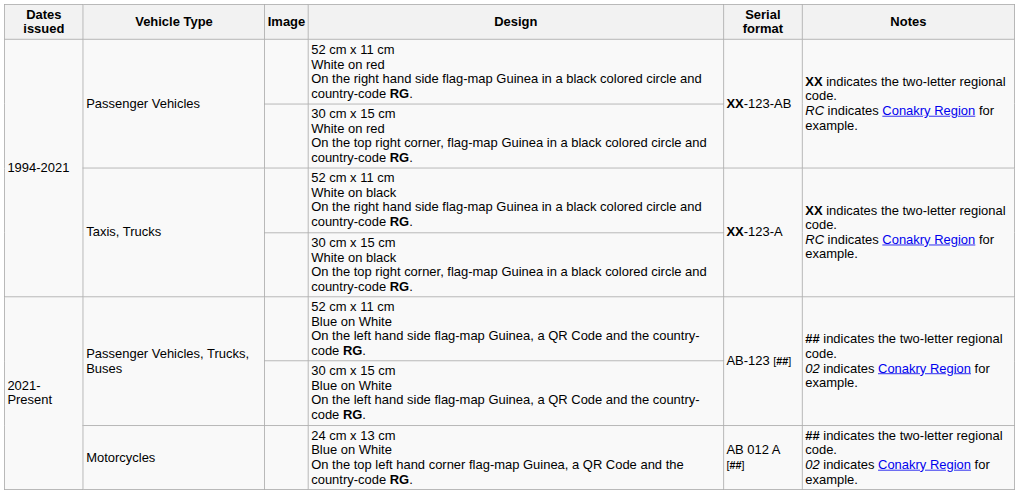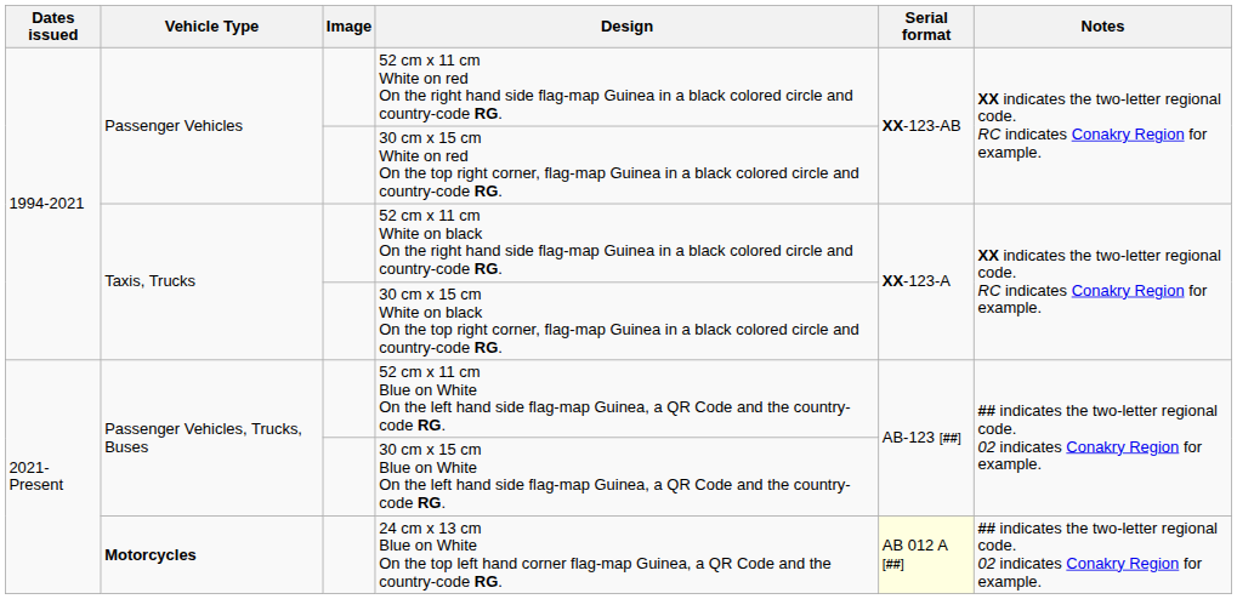 <table class="wikitable">
 <tr>
 <th>Dates issued</th>
 <th>Vehicle Type</th>
 <th>Image</th>
 <th>Design</th>
 <th>Serial format</th>
 <th>Notes</th>
 </tr>
 <tr>
 <td rowspan="4">1994-2021</td>
 <td rowspan="2">Passenger Vehicles</td>
 <td></td>
 <td>52 cm x 11 cm<br>White on red<br>On the right hand side flag-map Guinea in a black colored circle and country-code <strong>RG</strong>.</td>
 <td rowspan="2"><strong>XX</strong>-123-AB</td>
 <td rowspan="2"><strong>XX</strong> indicates the two-letter regional code.<br><em>RC</em> indicates <a href='#'>Conakry Region</a> for example.</td>
 </tr>
 <tr>
 <td></td>
 <td>30 cm x 15 cm<br>White on red<br>On the top right corner, flag-map Guinea in a black colored circle and country-code <strong>RG</strong>.</td>
 </tr>
 <tr>
 <td rowspan="2">Taxis, Trucks</td>
 <td></td>
 <td>52 cm x 11 cm<br>White on black<br>On the right hand side flag-map Guinea in a black colored circle and country-code <strong>RG</strong>.</td>
 <td rowspan="2"><strong>XX</strong>-123-A</td>
 <td rowspan="2"><strong>XX</strong> indicates the two-letter regional code.<br><em>RC</em> indicates <a href='#'>Conakry Region</a> for example.</td>
 </tr>
 <tr>
 <td></td>
 <td>30 cm x 15 cm<br>White on black<br>On the top right corner, flag-map Guinea in a black colored circle and country-code <strong>RG</strong>.</td>
 </tr>
 <tr>
 <td rowspan="3">2021-Present</td>
 <td rowspan="2">Passenger Vehicles, Trucks, Buses</td>
 <td></td>
 <td>52 cm x 11 cm<br>Blue on White<br>On the left hand side flag-map Guinea, a QR Code and the country-code <strong>RG</strong>.</td>
 <td rowspan="2">AB-123 <small>[<strong>##</strong>]</small></td>
 <td rowspan="2"><strong>##</strong> indicates the two-letter regional code.<br><em>02</em> indicates <a href='#'>Conakry Region</a> for example.</td>
 </tr>
 <tr>
 <td></td>
 <td>30 cm x 15 cm<br>Blue on White<br>On the left hand side flag-map Guinea, a QR Code and the country-code <strong>RG</strong>.</td>
 </tr>
 <tr>
-<td>Motorcycles</td>
+<td><strong>Motorcycles</strong></td>
 <td></td>
 <td>24 cm x 13 cm<br>Blue on White<br>On the top left hand corner flag-map Guinea, a QR Code and the country-code <strong>RG</strong>.</td>
-<td>AB 012 A <small>[<strong>##</strong>]</small></td>
+<td style="background: lightyellow;">AB 012 A <small>[<strong>##</strong>]</small></td>
 <td><strong>##</strong> indicates the two-letter regional code.<br><em>02</em> indicates <a href='#'>Conakry Region</a> for example.</td>
 </tr>
 </table>
